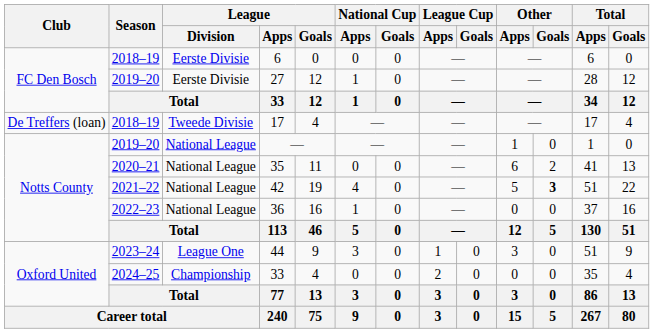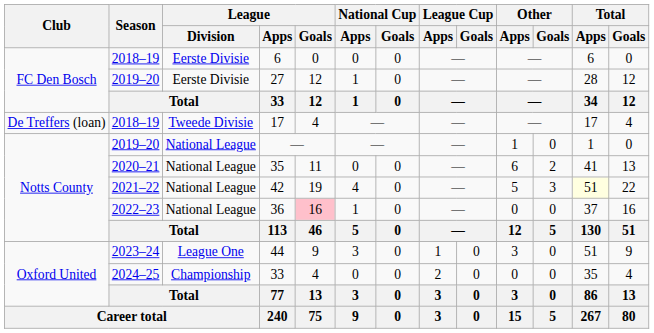 <table class="wikitable" style="text-align: center;">
 <tr>
 <th rowspan="2">Club</th>
 <th rowspan="2">Season</th>
 <th colspan="3">League</th>
 <th colspan="2">National Cup</th>
 <th colspan="2">League Cup</th>
 <th colspan="2">Other</th>
 <th colspan="2">Total</th>
 </tr>
 <tr>
 <th>Division</th>
 <th>Apps</th>
 <th>Goals</th>
 <th>Apps</th>
 <th>Goals</th>
 <th>Apps</th>
 <th>Goals</th>
 <th>Apps</th>
 <th>Goals</th>
 <th>Apps</th>
 <th>Goals</th>
 </tr>
 <tr>
 <td rowspan="3"><a href='#'>FC Den Bosch</a></td>
 <td><a href='#'>2018–19</a></td>
 <td><a href='#'>Eerste Divisie</a></td>
 <td>6</td>
 <td>0</td>
 <td>0</td>
 <td>0</td>
 <td colspan="2">—</td>
 <td colspan="2">—</td>
 <td>6</td>
 <td>0</td>
 </tr>
 <tr>
 <td><a href='#'>2019–20</a></td>
 <td>Eerste Divisie</td>
 <td>27</td>
 <td>12</td>
 <td>1</td>
 <td>0</td>
 <td colspan="2">—</td>
 <td colspan="2">—</td>
 <td>28</td>
 <td>12</td>
 </tr>
 <tr>
 <th colspan=2>Total</th>
 <th>33</th>
 <th>12</th>
 <th>1</th>
 <th>0</th>
 <th colspan="2">—</th>
 <th colspan="2">—</th>
 <th>34</th>
 <th>12</th>
 </tr>
 <tr>
 <td><a href='#'>De Treffers</a> (loan)</td>
 <td><a href='#'>2018–19</a></td>
 <td><a href='#'>Tweede Divisie</a></td>
 <td>17</td>
 <td>4</td>
 <td colspan="2">—</td>
 <td colspan="2">—</td>
 <td colspan="2">—</td>
 <td>17</td>
 <td>4</td>
 </tr>
 <tr>
 <td rowspan="5"><a href='#'>Notts County</a></td>
 <td><a href='#'>2019–20</a></td>
 <td><a href='#'>National League</a></td>
 <td colspan="2">—</td>
 <td colspan="2">—</td>
 <td colspan="2">—</td>
 <td>1</td>
 <td>0</td>
 <td>1</td>
 <td>0</td>
 </tr>
 <tr>
 <td><a href='#'>2020–21</a></td>
 <td>National League</td>
 <td>35</td>
 <td>11</td>
 <td>0</td>
 <td>0</td>
 <td colspan="2">—</td>
 <td>6</td>
 <td>2</td>
 <td>41</td>
 <td>13</td>
 </tr>
 <tr>
 <td><a href='#'>2021–22</a></td>
 <td>National League</td>
 <td>42</td>
 <td>19</td>
 <td>4</td>
 <td>0</td>
 <td colspan="2">—</td>
 <td>5</td>
-<td><strong>3</strong></td>
-<td>51</td>
+<td>3</td>
+<td style="background: lightyellow;">51</td>
 <td>22</td>
 </tr>
 <tr>
 <td><a href='#'>2022–23</a></td>
 <td>National League</td>
 <td>36</td>
-<td>16</td>
+<td style="background: pink;">16</td>
 <td>1</td>
 <td>0</td>
 <td colspan="2">—</td>
 <td>0</td>
 <td>0</td>
 <td>37</td>
 <td>16</td>
 </tr>
 <tr>
 <th colspan=2>Total</th>
 <th>113</th>
 <th>46</th>
 <th>5</th>
 <th>0</th>
 <th colspan="2">—</th>
 <th>12</th>
 <th>5</th>
 <th>130</th>
 <th>51</th>
 </tr>
 <tr>
 <td rowspan="3"><a href='#'>Oxford United</a></td>
 <td><a href='#'>2023–24</a></td>
 <td><a href='#'>League One</a></td>
 <td>44</td>
 <td>9</td>
 <td>3</td>
 <td>0</td>
 <td>1</td>
 <td>0</td>
 <td>3</td>
 <td>0</td>
 <td>51</td>
 <td>9</td>
 </tr>
 <tr>
 <td><a href='#'>2024–25</a></td>
 <td><a href='#'>Championship</a></td>
 <td>33</td>
 <td>4</td>
 <td>0</td>
 <td>0</td>
 <td>2</td>
 <td>0</td>
 <td>0</td>
 <td>0</td>
 <td>35</td>
 <td>4</td>
 </tr>
 <tr>
 <th colspan="2">Total</th>
 <th>77</th>
 <th>13</th>
 <th>3</th>
 <th>0</th>
 <th>3</th>
 <th>0</th>
 <th>3</th>
 <th>0</th>
 <th>86</th>
 <th>13</th>
 </tr>
 <tr>
 <th colspan="3">Career total</th>
 <th>240</th>
 <th>75</th>
 <th>9</th>
 <th>0</th>
 <th>3</th>
 <th>0</th>
 <th>15</th>
 <th>5</th>
 <th>267</th>
 <th>80</th>
 </tr>
 </table>
